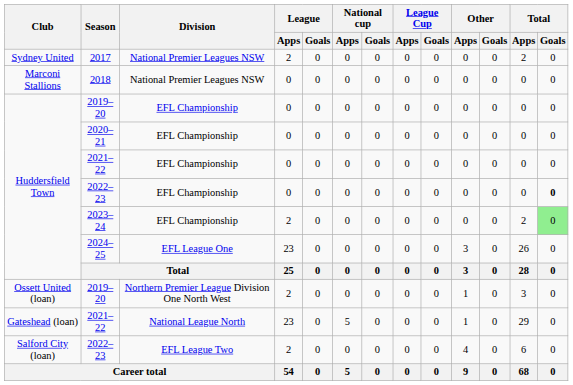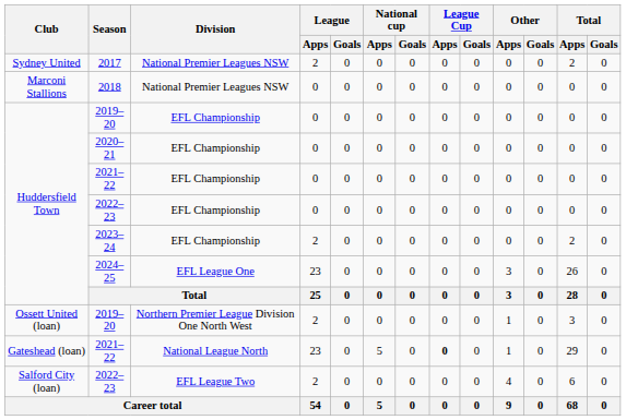 <table class="wikitable" style="text-align:center;">
 <tr>
 <th rowspan="2">Club</th>
 <th rowspan="2">Season</th>
 <th rowspan="2">Division</th>
 <th colspan="2">League</th>
 <th colspan="2">National cup</th>
 <th colspan="2"><a href='#'>League Cup</a></th>
 <th colspan="2">Other</th>
 <th colspan="2">Total</th>
 </tr>
 <tr>
 <th>Apps</th>
 <th>Goals</th>
 <th>Apps</th>
 <th>Goals</th>
 <th>Apps</th>
 <th>Goals</th>
 <th>Apps</th>
 <th>Goals</th>
 <th>Apps</th>
 <th>Goals</th>
 </tr>
 <tr>
 <td><a href='#'>Sydney United</a></td>
 <td><a href='#'>2017</a></td>
 <td><a href='#'>National Premier Leagues NSW</a></td>
 <td>2</td>
 <td>0</td>
 <td>0</td>
 <td>0</td>
 <td>0</td>
 <td>0</td>
 <td>0</td>
 <td>0</td>
 <td>2</td>
 <td>0</td>
 </tr>
 <tr>
 <td><a href='#'>Marconi Stallions</a></td>
 <td><a href='#'>2018</a></td>
 <td>National Premier Leagues NSW</td>
 <td>0</td>
 <td>0</td>
 <td>0</td>
 <td>0</td>
 <td>0</td>
 <td>0</td>
 <td>0</td>
 <td>0</td>
 <td>0</td>
 <td>0</td>
 </tr>
 <tr>
 <td rowspan="7"><a href='#'>Huddersfield Town</a></td>
 <td><a href='#'>2019–20</a></td>
 <td><a href='#'>EFL Championship</a></td>
 <td>0</td>
 <td>0</td>
 <td>0</td>
 <td>0</td>
 <td>0</td>
 <td>0</td>
 <td>0</td>
 <td>0</td>
 <td>0</td>
 <td>0</td>
 </tr>
 <tr>
 <td><a href='#'>2020–21</a></td>
 <td>EFL Championship</td>
 <td>0</td>
 <td>0</td>
 <td>0</td>
 <td>0</td>
 <td>0</td>
 <td>0</td>
 <td>0</td>
 <td>0</td>
 <td>0</td>
 <td>0</td>
 </tr>
 <tr>
 <td><a href='#'>2021–22</a></td>
 <td>EFL Championship</td>
 <td>0</td>
 <td>0</td>
 <td>0</td>
 <td>0</td>
 <td>0</td>
 <td>0</td>
 <td>0</td>
 <td>0</td>
 <td>0</td>
 <td>0</td>
 </tr>
 <tr>
 <td><a href='#'>2022–23</a></td>
 <td>EFL Championship</td>
 <td>0</td>
 <td>0</td>
 <td>0</td>
 <td>0</td>
 <td>0</td>
 <td>0</td>
 <td>0</td>
 <td>0</td>
 <td>0</td>
-<td><strong>0</strong></td>
+<td>0</td>
 </tr>
 <tr>
 <td><a href='#'>2023–24</a></td>
 <td>EFL Championship</td>
 <td>2</td>
 <td>0</td>
 <td>0</td>
 <td>0</td>
 <td>0</td>
 <td>0</td>
 <td>0</td>
 <td>0</td>
 <td>2</td>
-<td style="background: lightgreen;">0</td>
+<td>0</td>
 </tr>
 <tr>
 <td><a href='#'>2024–25</a></td>
 <td><a href='#'>EFL League One</a></td>
 <td>23</td>
 <td>0</td>
 <td>0</td>
 <td>0</td>
 <td>0</td>
 <td>0</td>
 <td>3</td>
 <td>0</td>
 <td>26</td>
 <td>0</td>
 </tr>
 <tr>
 <th colspan="2">Total</th>
 <th>25</th>
 <th>0</th>
 <th>0</th>
 <th>0</th>
 <th>0</th>
 <th>0</th>
 <th>3</th>
 <th>0</th>
 <th>28</th>
 <th>0</th>
 </tr>
 <tr>
 <td><a href='#'>Ossett United</a> (loan)</td>
 <td><a href='#'>2019–20</a></td>
 <td><a href='#'>Northern Premier League</a> Division One North West</td>
 <td>2</td>
 <td>0</td>
 <td>0</td>
 <td>0</td>
 <td>0</td>
 <td>0</td>
 <td>1</td>
 <td>0</td>
 <td>3</td>
 <td>0</td>
 </tr>
 <tr>
 <td><a href='#'>Gateshead</a> (loan)</td>
 <td><a href='#'>2021–22</a></td>
 <td><a href='#'>National League North</a></td>
 <td>23</td>
 <td>0</td>
 <td>5</td>
 <td>0</td>
-<td>0</td>
+<td><strong>0</strong></td>
 <td>0</td>
 <td>1</td>
 <td>0</td>
 <td>29</td>
 <td>0</td>
 </tr>
 <tr>
 <td><a href='#'>Salford City</a> (loan)</td>
 <td><a href='#'>2022–23</a></td>
 <td><a href='#'>EFL League Two</a></td>
 <td>2</td>
 <td>0</td>
 <td>0</td>
 <td>0</td>
 <td>0</td>
 <td>0</td>
 <td>4</td>
 <td>0</td>
 <td>6</td>
 <td>0</td>
 </tr>
 <tr>
 <th colspan="3">Career total</th>
 <th>54</th>
 <th>0</th>
 <th>5</th>
 <th>0</th>
 <th>0</th>
 <th>0</th>
 <th>9</th>
 <th>0</th>
 <th>68</th>
 <th>0</th>
 </tr>
 </table>
